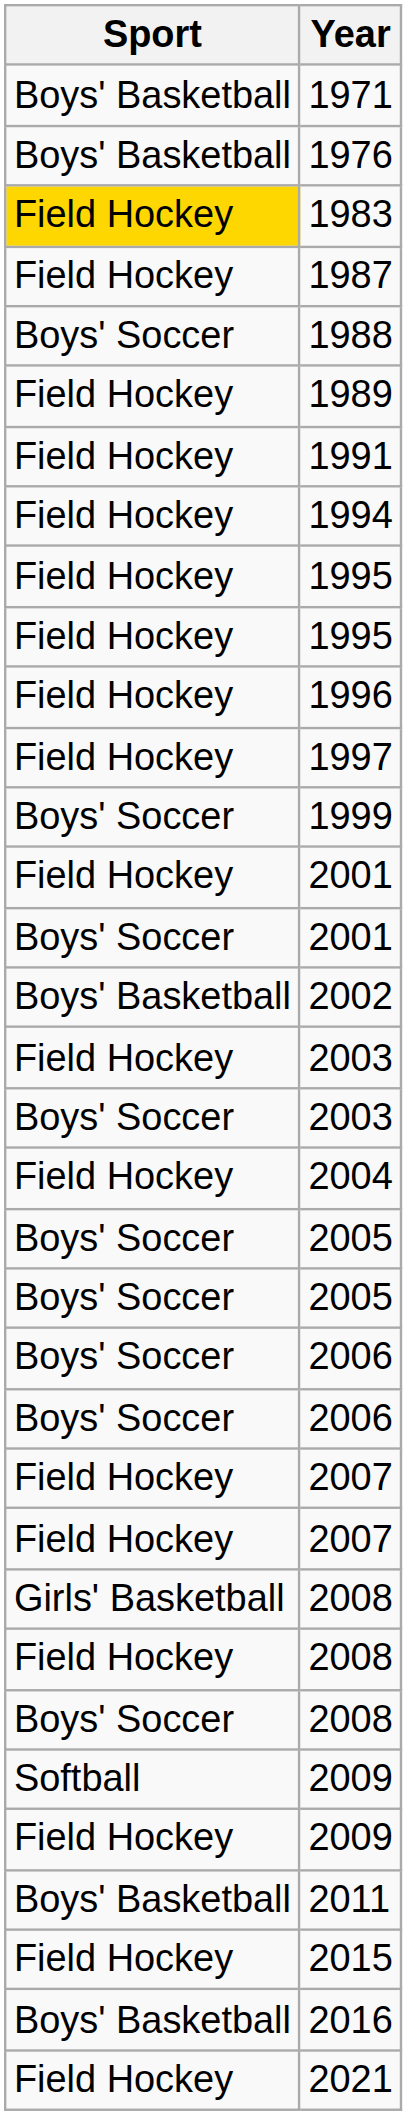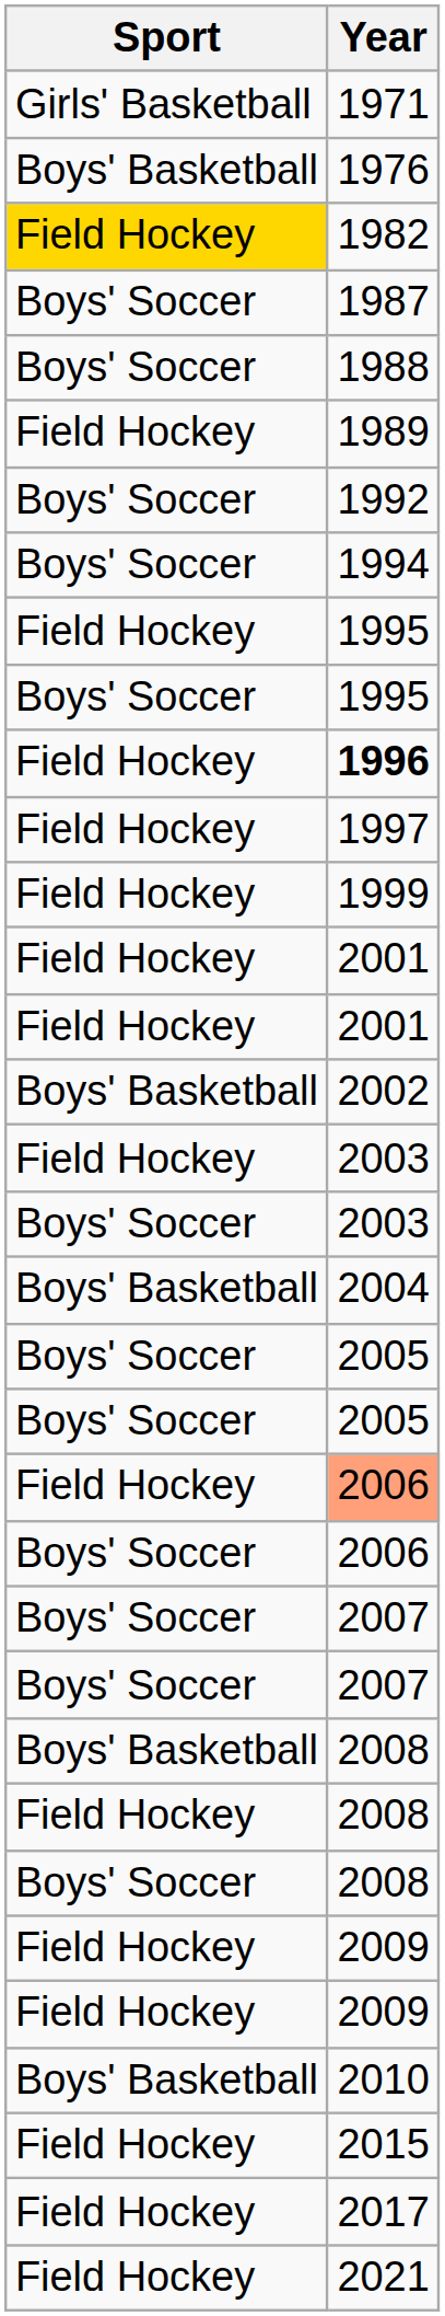 <table class="wikitable mw-collapsible mw-collapsed">
 <tr>
 <th>Sport</th>
 <th>Year</th>
 </tr>
 <tr>
-<td>Boys' Basketball</td>
+<td>Girls' Basketball</td>
 <td>1971</td>
 </tr>
 <tr>
 <td>Boys' Basketball</td>
 <td>1976</td>
 </tr>
 <tr>
 <td style="background: gold;">Field Hockey</td>
-<td>1983</td>
+<td>1982</td>
 </tr>
 <tr>
-<td>Field Hockey</td>
+<td>Boys' Soccer</td>
 <td>1987</td>
 </tr>
 <tr>
 <td>Boys' Soccer</td>
 <td>1988</td>
 </tr>
 <tr>
 <td>Field Hockey</td>
 <td>1989</td>
 </tr>
 <tr>
-<td>Field Hockey</td>
-<td>1991</td>
+<td>Boys' Soccer</td>
+<td>1992</td>
 </tr>
 <tr>
-<td>Field Hockey</td>
+<td>Boys' Soccer</td>
 <td>1994</td>
 </tr>
 <tr>
 <td>Field Hockey</td>
 <td>1995</td>
 </tr>
 <tr>
-<td>Field Hockey</td>
+<td>Boys' Soccer</td>
 <td>1995</td>
 </tr>
 <tr>
 <td>Field Hockey</td>
-<td>1996</td>
+<td><strong>1996</strong></td>
 </tr>
 <tr>
 <td>Field Hockey</td>
 <td>1997</td>
 </tr>
 <tr>
-<td>Boys' Soccer</td>
+<td>Field Hockey</td>
 <td>1999</td>
 </tr>
 <tr>
 <td>Field Hockey</td>
 <td>2001</td>
 </tr>
 <tr>
-<td>Boys' Soccer</td>
+<td>Field Hockey</td>
 <td>2001</td>
 </tr>
 <tr>
 <td>Boys' Basketball</td>
 <td>2002</td>
 </tr>
 <tr>
 <td>Field Hockey</td>
 <td>2003</td>
 </tr>
 <tr>
 <td>Boys' Soccer</td>
 <td>2003</td>
 </tr>
 <tr>
-<td>Field Hockey</td>
+<td>Boys' Basketball</td>
 <td>2004</td>
 </tr>
 <tr>
 <td>Boys' Soccer</td>
 <td>2005</td>
 </tr>
 <tr>
 <td>Boys' Soccer</td>
 <td>2005</td>
 </tr>
 <tr>
-<td>Boys' Soccer</td>
-<td>2006</td>
+<td>Field Hockey</td>
+<td style="background: lightsalmon;">2006</td>
 </tr>
 <tr>
 <td>Boys' Soccer</td>
 <td>2006</td>
 </tr>
 <tr>
-<td>Field Hockey</td>
+<td>Boys' Soccer</td>
 <td>2007</td>
 </tr>
 <tr>
-<td>Field Hockey</td>
+<td>Boys' Soccer</td>
 <td>2007</td>
 </tr>
 <tr>
-<td>Girls' Basketball</td>
+<td>Boys' Basketball</td>
 <td>2008</td>
 </tr>
 <tr>
 <td>Field Hockey</td>
 <td>2008</td>
 </tr>
 <tr>
 <td>Boys' Soccer</td>
 <td>2008</td>
 </tr>
 <tr>
-<td>Softball</td>
+<td>Field Hockey</td>
 <td>2009</td>
 </tr>
 <tr>
 <td>Field Hockey</td>
 <td>2009</td>
 </tr>
 <tr>
 <td>Boys' Basketball</td>
-<td>2011</td>
+<td>2010</td>
 </tr>
 <tr>
 <td>Field Hockey</td>
 <td>2015</td>
 </tr>
 <tr>
-<td>Boys' Basketball</td>
-<td>2016</td>
+<td>Field Hockey</td>
+<td>2017</td>
 </tr>
 <tr>
 <td>Field Hockey</td>
 <td>2021</td>
 </tr>
 </table>
